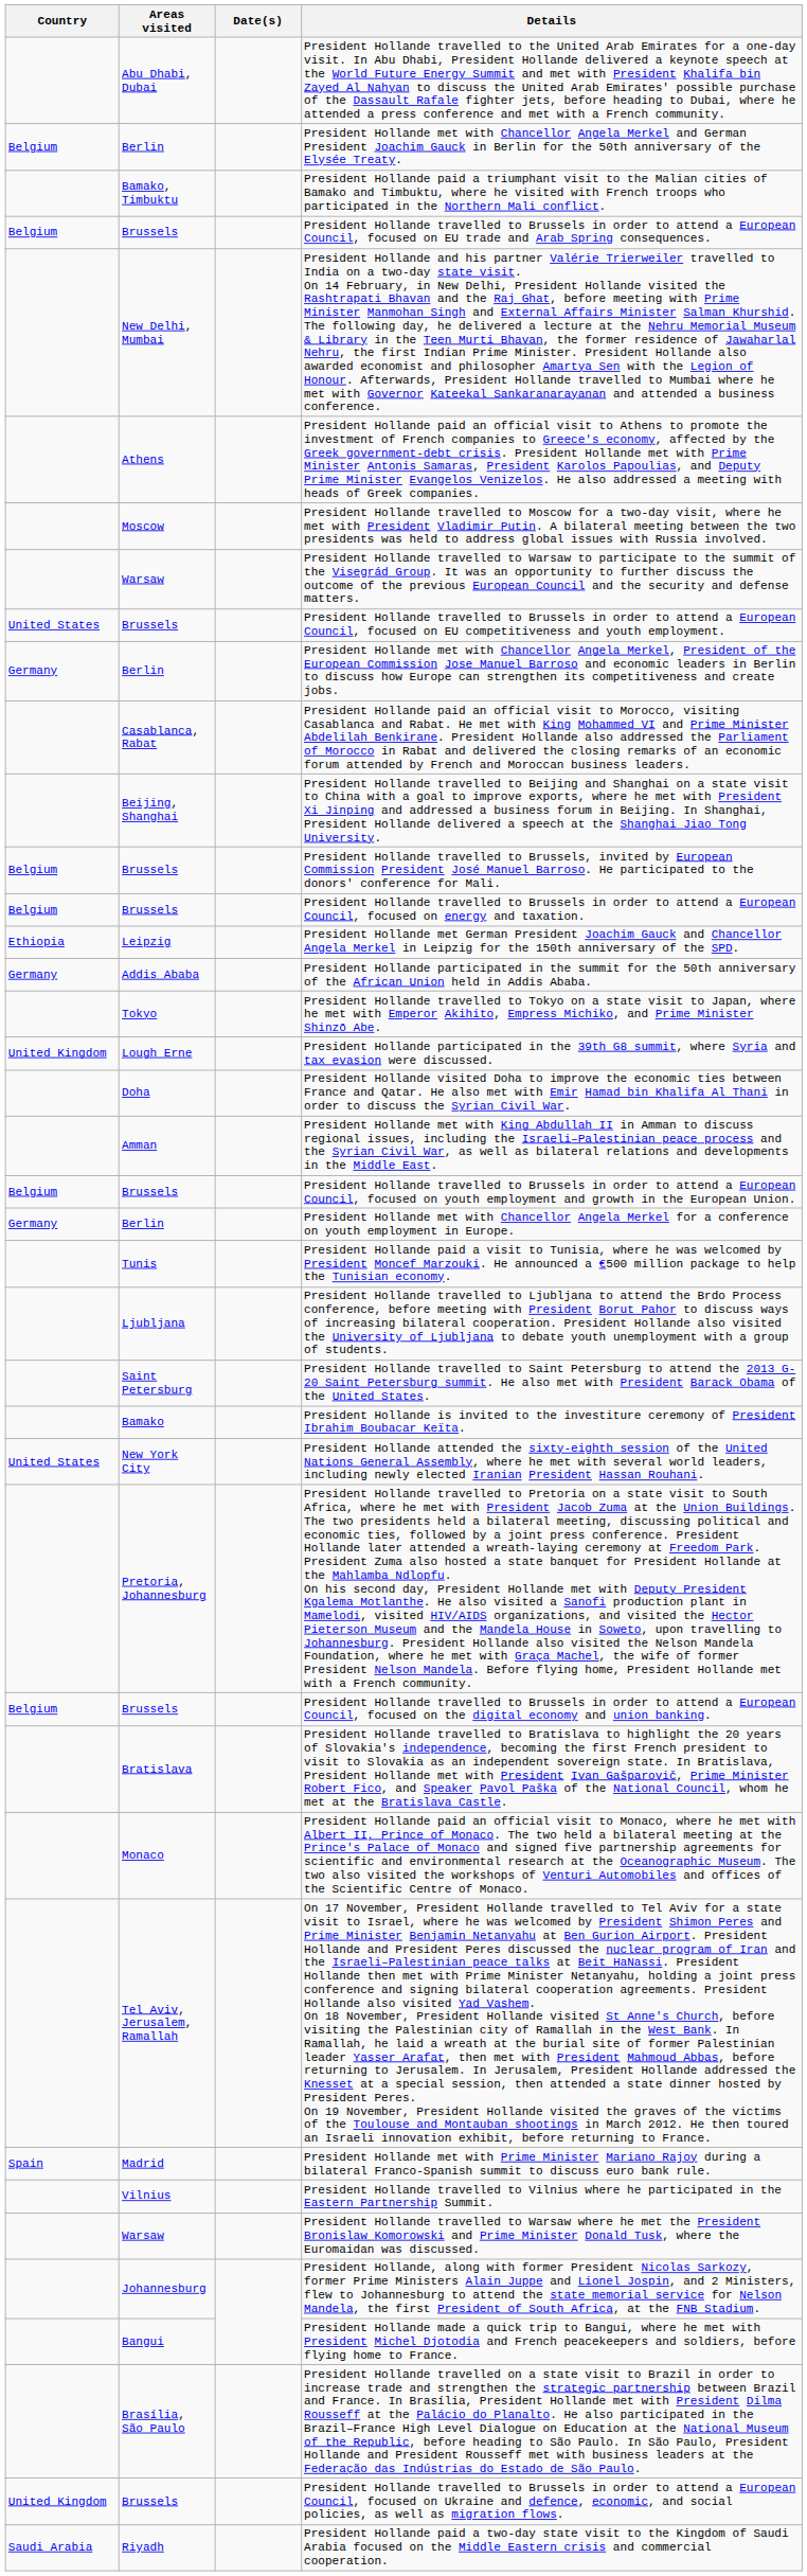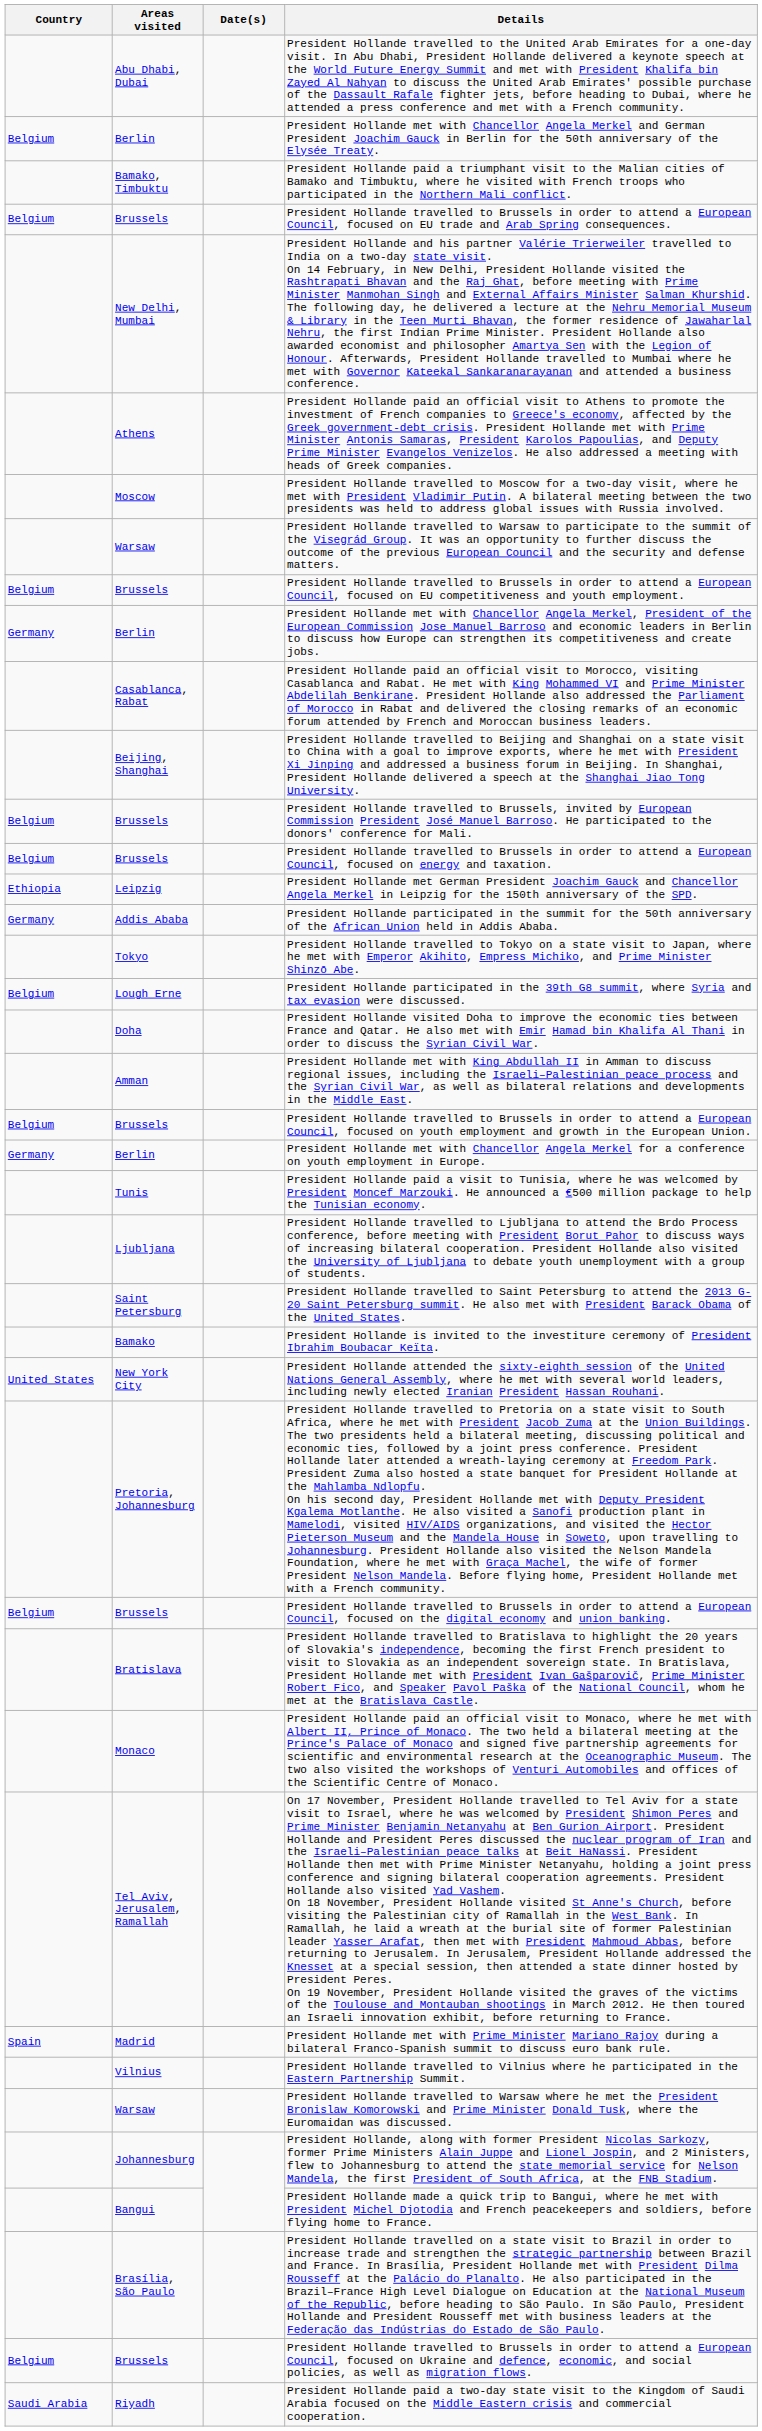 <table class="wikitable sortable outercollapse" style="margin: 1em auto 1em auto">
 <tr>
 <th width=120>Country</th>
 <th width=100>Areas visited</th>
 <th width=90>Date(s)</th>
 <th width=550>Details</th>
 </tr>
 <tr>
 <td></td>
 <td><a href='#'>Abu Dhabi</a>, <a href='#'>Dubai</a></td>
 <td></td>
 <td>President Hollande travelled to the United Arab Emirates for a one-day visit. In Abu Dhabi, President Hollande delivered a keynote speech at the <a href='#'>World Future Energy Summit</a> and met with <a href='#'>President</a> <a href='#'>Khalifa bin Zayed Al Nahyan</a> to discuss the United Arab Emirates' possible purchase of the <a href='#'>Dassault Rafale</a> fighter jets, before heading to Dubai, where he attended a press conference and met with a French community.</td>
 </tr>
 <tr>
 <td> <a href='#'>Belgium</a></td>
 <td><a href='#'>Berlin</a></td>
 <td></td>
 <td>President Hollande met with <a href='#'>Chancellor</a> <a href='#'>Angela Merkel</a> and German President <a href='#'>Joachim Gauck</a> in Berlin for the 50th anniversary of the <a href='#'>Elysée Treaty</a>.</td>
 </tr>
 <tr>
 <td></td>
 <td><a href='#'>Bamako</a>, <a href='#'>Timbuktu</a></td>
 <td></td>
 <td>President Hollande paid a triumphant visit to the Malian cities of Bamako and Timbuktu, where he visited with French troops who participated in the <a href='#'>Northern Mali conflict</a>.</td>
 </tr>
 <tr>
 <td> <a href='#'>Belgium</a></td>
 <td><a href='#'>Brussels</a></td>
 <td></td>
 <td>President Hollande travelled to Brussels in order to attend a <a href='#'>European Council</a>, focused on EU trade and <a href='#'>Arab Spring</a> consequences.</td>
 </tr>
 <tr>
 <td></td>
 <td><a href='#'>New Delhi</a>, <a href='#'>Mumbai</a></td>
 <td></td>
 <td>President Hollande and his partner <a href='#'>Valérie Trierweiler</a> travelled to India on a two-day <a href='#'>state visit</a>.<br>On 14 February, in New Delhi, President Hollande visited the <a href='#'>Rashtrapati Bhavan</a> and the <a href='#'>Raj Ghat</a>, before meeting with <a href='#'>Prime Minister</a> <a href='#'>Manmohan Singh</a> and <a href='#'>External Affairs Minister</a> <a href='#'>Salman Khurshid</a>. The following day, he delivered a lecture at the <a href='#'>Nehru Memorial Museum & Library</a> in the <a href='#'>Teen Murti Bhavan</a>, the former residence of <a href='#'>Jawaharlal Nehru</a>, the first Indian Prime Minister. President Hollande also awarded economist and philosopher <a href='#'>Amartya Sen</a> with the <a href='#'>Legion of Honour</a>. Afterwards, President Hollande travelled to Mumbai where he met with <a href='#'>Governor</a> <a href='#'>Kateekal Sankaranarayanan</a> and attended a business conference.</td>
 </tr>
 <tr>
 <td></td>
 <td><a href='#'>Athens</a></td>
 <td></td>
 <td>President Hollande paid an official visit to Athens to promote the investment of French companies to <a href='#'>Greece's economy</a>, affected by the <a href='#'>Greek government-debt crisis</a>. President Hollande met with <a href='#'>Prime Minister</a> <a href='#'>Antonis Samaras</a>, <a href='#'>President</a> <a href='#'>Karolos Papoulias</a>, and <a href='#'>Deputy Prime Minister</a> <a href='#'>Evangelos Venizelos</a>. He also addressed a meeting with heads of Greek companies.</td>
 </tr>
 <tr>
 <td></td>
 <td><a href='#'>Moscow</a></td>
 <td></td>
 <td>President Hollande travelled to Moscow for a two-day visit, where he met with <a href='#'>President</a> <a href='#'>Vladimir Putin</a>. A bilateral meeting between the two presidents was held to address global issues with Russia involved.</td>
 </tr>
 <tr>
 <td></td>
 <td><a href='#'>Warsaw</a></td>
 <td></td>
 <td>President Hollande travelled to Warsaw to participate to the summit of the <a href='#'>Visegrád Group</a>. It was an opportunity to further discuss the outcome of the previous <a href='#'>European Council</a> and the security and defense matters.</td>
 </tr>
 <tr>
-<td> <a href='#'>United States</a></td>
+<td> <a href='#'>Belgium</a></td>
 <td><a href='#'>Brussels</a></td>
 <td></td>
 <td>President Hollande travelled to Brussels in order to attend a <a href='#'>European Council</a>, focused on EU competitiveness and youth employment.</td>
 </tr>
 <tr>
 <td> <a href='#'>Germany</a></td>
 <td><a href='#'>Berlin</a></td>
 <td></td>
 <td>President Hollande met with <a href='#'>Chancellor</a> <a href='#'>Angela Merkel</a>, <a href='#'>President of the European Commission</a> <a href='#'>Jose Manuel Barroso</a> and economic leaders in Berlin to discuss how Europe can strengthen its competitiveness and create jobs.</td>
 </tr>
 <tr>
 <td></td>
 <td><a href='#'>Casablanca</a>, <a href='#'>Rabat</a></td>
 <td></td>
 <td>President Hollande paid an official visit to Morocco, visiting Casablanca and Rabat. He met with <a href='#'>King</a> <a href='#'>Mohammed VI</a> and <a href='#'>Prime Minister</a> <a href='#'>Abdelilah Benkirane</a>. President Hollande also addressed the <a href='#'>Parliament of Morocco</a> in Rabat and delivered the closing remarks of an economic forum attended by French and Moroccan business leaders.</td>
 </tr>
 <tr>
 <td></td>
 <td><a href='#'>Beijing</a>, <a href='#'>Shanghai</a></td>
 <td></td>
 <td>President Hollande travelled to Beijing and Shanghai on a state visit to China with a goal to improve exports, where he met with <a href='#'>President</a> <a href='#'>Xi Jinping</a> and addressed a business forum in Beijing. In Shanghai, President Hollande delivered a speech at the <a href='#'>Shanghai Jiao Tong University</a>.</td>
 </tr>
 <tr>
 <td> <a href='#'>Belgium</a></td>
 <td><a href='#'>Brussels</a></td>
 <td></td>
 <td>President Hollande travelled to Brussels, invited by <a href='#'>European Commission</a> <a href='#'>President</a> <a href='#'>José Manuel Barroso</a>. He participated to the donors' conference for Mali.</td>
 </tr>
 <tr>
 <td> <a href='#'>Belgium</a></td>
 <td><a href='#'>Brussels</a></td>
 <td></td>
 <td>President Hollande travelled to Brussels in order to attend a <a href='#'>European Council</a>, focused on <a href='#'>energy</a> and taxation.</td>
 </tr>
 <tr>
 <td> <a href='#'>Ethiopia</a></td>
 <td><a href='#'>Leipzig</a></td>
 <td></td>
 <td>President Hollande met German President <a href='#'>Joachim Gauck</a> and <a href='#'>Chancellor</a> <a href='#'>Angela Merkel</a> in Leipzig for the 150th anniversary of the <a href='#'>SPD</a>.</td>
 </tr>
 <tr>
 <td> <a href='#'>Germany</a></td>
 <td><a href='#'>Addis Ababa</a></td>
 <td></td>
 <td>President Hollande participated in the summit for the 50th anniversary of the <a href='#'>African Union</a> held in Addis Ababa.</td>
 </tr>
 <tr>
 <td></td>
 <td><a href='#'>Tokyo</a></td>
 <td></td>
 <td>President Hollande travelled to Tokyo on a state visit to Japan, where he met with <a href='#'>Emperor</a> <a href='#'>Akihito</a>, <a href='#'>Empress Michiko</a>, and <a href='#'>Prime Minister</a> <a href='#'>Shinzō Abe</a>.</td>
 </tr>
 <tr>
-<td> <a href='#'>United Kingdom</a></td>
+<td> <a href='#'>Belgium</a></td>
 <td><a href='#'>Lough Erne</a></td>
 <td></td>
 <td>President Hollande participated in the <a href='#'>39th G8 summit</a>, where <a href='#'>Syria</a> and <a href='#'>tax evasion</a> were discussed.</td>
 </tr>
 <tr>
 <td></td>
 <td><a href='#'>Doha</a></td>
 <td></td>
 <td>President Hollande visited Doha to improve the economic ties between France and Qatar. He also met with <a href='#'>Emir</a> <a href='#'>Hamad bin Khalifa Al Thani</a> in order to discuss the <a href='#'>Syrian Civil War</a>.</td>
 </tr>
 <tr>
 <td></td>
 <td><a href='#'>Amman</a></td>
 <td></td>
 <td>President Hollande met with <a href='#'>King Abdullah II</a> in Amman to discuss regional issues, including the <a href='#'>Israeli–Palestinian peace process</a> and the <a href='#'>Syrian Civil War</a>, as well as bilateral relations and developments in the <a href='#'>Middle East</a>.</td>
 </tr>
 <tr>
 <td> <a href='#'>Belgium</a></td>
 <td><a href='#'>Brussels</a></td>
 <td></td>
 <td>President Hollande travelled to Brussels in order to attend a <a href='#'>European Council</a>, focused on youth employment and growth in the European Union.</td>
 </tr>
 <tr>
 <td> <a href='#'>Germany</a></td>
 <td><a href='#'>Berlin</a></td>
 <td></td>
 <td>President Hollande met with <a href='#'>Chancellor</a> <a href='#'>Angela Merkel</a> for a conference on youth employment in Europe.</td>
 </tr>
 <tr>
 <td></td>
 <td><a href='#'>Tunis</a></td>
 <td></td>
 <td>President Hollande paid a visit to Tunisia, where he was welcomed by <a href='#'>President</a> <a href='#'>Moncef Marzouki</a>. He announced a <a href='#'>€</a>500 million package to help the <a href='#'>Tunisian economy</a>.</td>
 </tr>
 <tr>
 <td></td>
 <td><a href='#'>Ljubljana</a></td>
 <td></td>
 <td>President Hollande travelled to Ljubljana to attend the Brdo Process conference, before meeting with <a href='#'>President</a> <a href='#'>Borut Pahor</a> to discuss ways of increasing bilateral cooperation. President Hollande also visited the <a href='#'>University of Ljubljana</a> to debate youth unemployment with a group of students.</td>
 </tr>
 <tr>
 <td></td>
 <td><a href='#'>Saint Petersburg</a></td>
 <td></td>
 <td>President Hollande travelled to Saint Petersburg to attend the <a href='#'>2013 G-20 Saint Petersburg summit</a>. He also met with <a href='#'>President</a> <a href='#'>Barack Obama</a> of the <a href='#'>United States</a>.</td>
 </tr>
 <tr>
 <td></td>
 <td><a href='#'>Bamako</a></td>
 <td></td>
 <td>President Hollande is invited to the investiture ceremony of <a href='#'>President</a> <a href='#'>Ibrahim Boubacar Keïta</a>.</td>
 </tr>
 <tr>
 <td> <a href='#'>United States</a></td>
 <td><a href='#'>New York City</a></td>
 <td></td>
 <td>President Hollande attended the <a href='#'>sixty-eighth session</a> of the <a href='#'>United Nations General Assembly</a>, where he met with several world leaders, including newly elected <a href='#'>Iranian</a> <a href='#'>President</a> <a href='#'>Hassan Rouhani</a>.</td>
 </tr>
 <tr>
 <td></td>
 <td><a href='#'>Pretoria</a>, <a href='#'>Johannesburg</a></td>
 <td></td>
 <td>President Hollande travelled to Pretoria on a state visit to South Africa, where he met with <a href='#'>President</a> <a href='#'>Jacob Zuma</a> at the <a href='#'>Union Buildings</a>. The two presidents held a bilateral meeting, discussing political and economic ties, followed by a joint press conference. President Hollande later attended a wreath-laying ceremony at <a href='#'>Freedom Park</a>. President Zuma also hosted a state banquet for President Hollande at the <a href='#'>Mahlamba Ndlopfu</a>.<br>On his second day, President Hollande met with <a href='#'>Deputy President</a> <a href='#'>Kgalema Motlanthe</a>. He also visited a <a href='#'>Sanofi</a> production plant in <a href='#'>Mamelodi</a>, visited <a href='#'>HIV/AIDS</a> organizations, and visited the <a href='#'>Hector Pieterson Museum</a> and the <a href='#'>Mandela House</a> in <a href='#'>Soweto</a>, upon travelling to <a href='#'>Johannesburg</a>. President Hollande also visited the Nelson Mandela Foundation, where he met with <a href='#'>Graça Machel</a>, the wife of former President <a href='#'>Nelson Mandela</a>. Before flying home, President Hollande met with a French community.</td>
 </tr>
 <tr>
 <td> <a href='#'>Belgium</a></td>
 <td><a href='#'>Brussels</a></td>
 <td></td>
 <td>President Hollande travelled to Brussels in order to attend a <a href='#'>European Council</a>, focused on the <a href='#'>digital economy</a> and <a href='#'>union banking</a>.</td>
 </tr>
 <tr>
 <td></td>
 <td><a href='#'>Bratislava</a></td>
 <td></td>
 <td>President Hollande travelled to Bratislava to highlight the 20 years of Slovakia's <a href='#'>independence</a>, becoming the first French president to visit to Slovakia as an independent sovereign state. In Bratislava, President Hollande met with <a href='#'>President</a> <a href='#'>Ivan Gašparovič</a>, <a href='#'>Prime Minister</a> <a href='#'>Robert Fico</a>, and <a href='#'>Speaker</a> <a href='#'>Pavol Paška</a> of the <a href='#'>National Council</a>, whom he met at the <a href='#'>Bratislava Castle</a>.</td>
 </tr>
 <tr>
 <td></td>
 <td><a href='#'>Monaco</a></td>
 <td></td>
 <td>President Hollande paid an official visit to Monaco, where he met with <a href='#'>Albert II, Prince of Monaco</a>. The two held a bilateral meeting at the <a href='#'>Prince's Palace of Monaco</a> and signed five partnership agreements for scientific and environmental research at the <a href='#'>Oceanographic Museum</a>. The two also visited the workshops of <a href='#'>Venturi Automobiles</a> and offices of the Scientific Centre of Monaco.</td>
 </tr>
 <tr>
 <td><br></td>
 <td><a href='#'>Tel Aviv</a>, <a href='#'>Jerusalem</a>, <a href='#'>Ramallah</a></td>
 <td></td>
 <td>On 17 November, President Hollande travelled to Tel Aviv for a state visit to Israel, where he was welcomed by <a href='#'>President</a> <a href='#'>Shimon Peres</a> and <a href='#'>Prime Minister</a> <a href='#'>Benjamin Netanyahu</a> at <a href='#'>Ben Gurion Airport</a>. President Hollande and President Peres discussed the <a href='#'>nuclear program of Iran</a> and the <a href='#'>Israeli–Palestinian peace talks</a> at <a href='#'>Beit HaNassi</a>. President Hollande then met with Prime Minister Netanyahu, holding a joint press conference and signing bilateral cooperation agreements. President Hollande also visited <a href='#'>Yad Vashem</a>.<br>On 18 November, President Hollande visited <a href='#'>St Anne's Church</a>, before visiting the Palestinian city of Ramallah in the <a href='#'>West Bank</a>. In Ramallah, he laid a wreath at the burial site of former Palestinian leader <a href='#'>Yasser Arafat</a>, then met with <a href='#'>President</a> <a href='#'>Mahmoud Abbas</a>, before returning to Jerusalem. In Jerusalem, President Hollande addressed the <a href='#'>Knesset</a> at a special session, then attended a state dinner hosted by President Peres.<br>On 19 November, President Hollande visited the graves of the victims of the <a href='#'>Toulouse and Montauban shootings</a> in March 2012. He then toured an Israeli innovation exhibit, before returning to France.</td>
 </tr>
 <tr>
 <td> <a href='#'>Spain</a></td>
 <td><a href='#'>Madrid</a></td>
 <td></td>
 <td>President Hollande met with <a href='#'>Prime Minister</a> <a href='#'>Mariano Rajoy</a> during a bilateral Franco-Spanish summit to discuss euro bank rule.</td>
 </tr>
 <tr>
 <td></td>
 <td><a href='#'>Vilnius</a></td>
 <td></td>
 <td>President Hollande travelled to Vilnius where he participated in the <a href='#'>Eastern Partnership</a> Summit.</td>
 </tr>
 <tr>
 <td></td>
 <td><a href='#'>Warsaw</a></td>
 <td></td>
 <td>President Hollande travelled to Warsaw where he met the <a href='#'>President</a> <a href='#'>Bronislaw Komorowski</a> and <a href='#'>Prime Minister</a> <a href='#'>Donald Tusk</a>, where the Euromaidan was discussed.</td>
 </tr>
 <tr>
 <td></td>
 <td><a href='#'>Johannesburg</a></td>
 <td rowspan=2></td>
 <td>President Hollande, along with former President <a href='#'>Nicolas Sarkozy</a>, former Prime Ministers <a href='#'>Alain Juppe</a> and <a href='#'>Lionel Jospin</a>, and 2 Ministers, flew to Johannesburg to attend the <a href='#'>state memorial service</a> for <a href='#'>Nelson Mandela</a>, the first <a href='#'>President of South Africa</a>, at the <a href='#'>FNB Stadium</a>.</td>
 </tr>
 <tr>
 <td></td>
 <td><a href='#'>Bangui</a></td>
 <td>President Hollande made a quick trip to Bangui, where he met with <a href='#'>President</a> <a href='#'>Michel Djotodia</a> and French peacekeepers and soldiers, before flying home to France.</td>
 </tr>
 <tr>
 <td></td>
 <td><a href='#'>Brasília</a>, <a href='#'>São Paulo</a></td>
 <td></td>
 <td>President Hollande travelled on a state visit to Brazil in order to increase trade and strengthen the <a href='#'>strategic partnership</a> between Brazil and France. In Brasília, President Hollande met with <a href='#'>President</a> <a href='#'>Dilma Rousseff</a> at the <a href='#'>Palácio do Planalto</a>. He also participated in the Brazil–France High Level Dialogue on Education at the <a href='#'>National Museum of the Republic</a>, before heading to São Paulo. In São Paulo, President Hollande and President Rousseff met with business leaders at the <a href='#'>Federação das Indústrias do Estado de São Paulo</a>.</td>
 </tr>
 <tr>
-<td> <a href='#'>United Kingdom</a></td>
+<td> <a href='#'>Belgium</a></td>
 <td><a href='#'>Brussels</a></td>
 <td></td>
 <td>President Hollande travelled to Brussels in order to attend a <a href='#'>European Council</a>, focused on Ukraine and <a href='#'>defence</a>, <a href='#'>economic</a>, and social policies, as well as <a href='#'>migration flows</a>.</td>
 </tr>
 <tr>
 <td> <a href='#'>Saudi Arabia</a></td>
 <td><a href='#'>Riyadh</a></td>
 <td></td>
 <td>President Hollande paid a two-day state visit to the Kingdom of Saudi Arabia focused on the <a href='#'>Middle Eastern crisis</a> and commercial cooperation.</td>
 </tr>
 </table>
